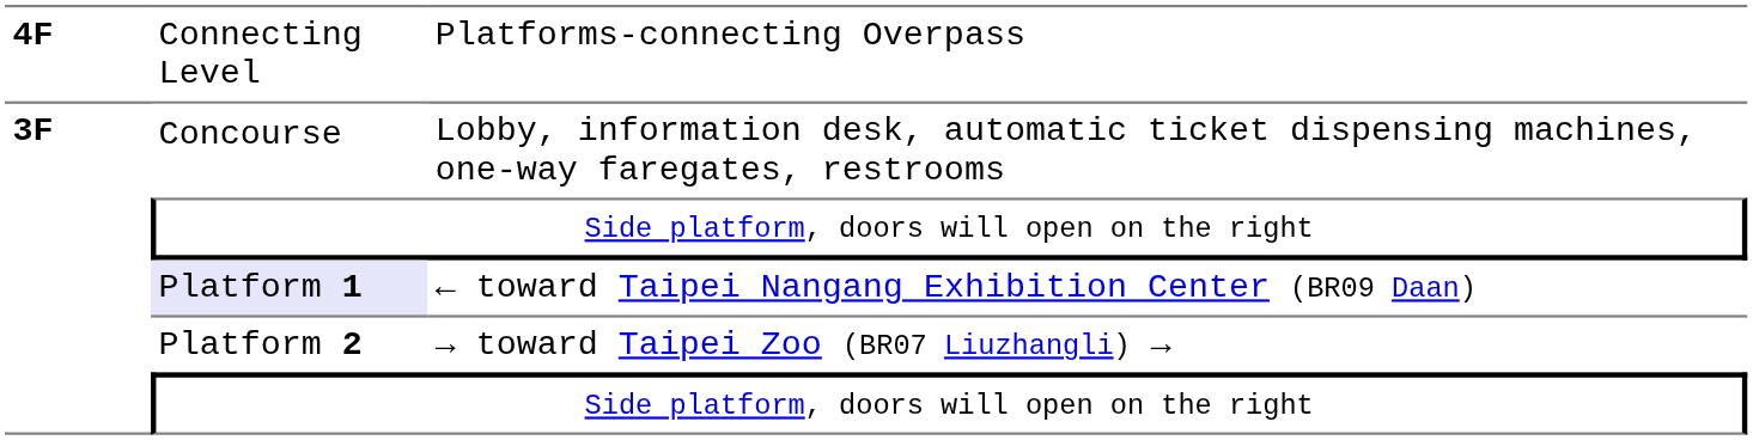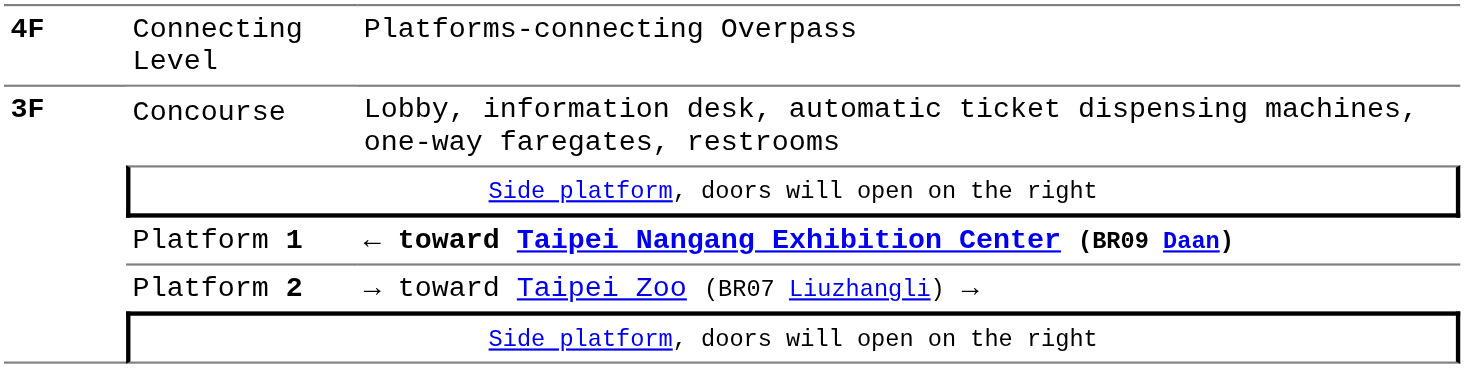 <table table border=0 cellspacing=0 cellpadding=3>
 <tr>
 <td style="border-bottom:solid 1px gray;border-top:solid 1px gray;" width=50 valign=top><strong>4F</strong></td>
 <td style="border-top:solid 1px gray;border-bottom:solid 1px gray;" width=100 valign=top>Connecting Level</td>
 <td style="border-top:solid 1px gray;border-bottom:solid 1px gray;" width=500 valign=top>Platforms-connecting Overpass</td>
 </tr>
 <tr>
 <td style="border-bottom:solid 1px gray;" width=50 rowspan=10 valign=top><strong>3F</strong></td>
 </tr>
 <tr>
 <td style="border-top:solid 1px white;" rowspan=2 valign=top>Concourse</td>
 </tr>
 <tr>
 <td>Lobby, information desk, automatic ticket dispensing machines, one-way faregates, restrooms</td>
 </tr>
 <tr>
 <td style="border-right:solid 2px black;border-left:solid 2px black;border-bottom:solid 2px black;border-top:solid 1px gray;text-align:center;" colspan=2><small><a href='#'>Side platform</a>, doors will open on the right</small></td>
 </tr>
 <tr>
-<td style="background: lavender; border-bottom:solid 1px gray;" width=100>Platform <span><strong>1</strong></span></td>
-<td style="border-bottom:solid 1px gray;" width=500>←  toward <a href='#'>Taipei Nangang Exhibition Center</a> <small>(BR09 <a href='#'>Daan</a>)</small></td>
+<td style="border-bottom:solid 1px gray;" width=100>Platform <span><strong>1</strong></span></td>
+<td style="border-bottom:solid 1px gray;" width=500><strong>←  toward <a href='#'>Taipei Nangang Exhibition Center</a> <small>(BR09 <a href='#'>Daan</a>)</small></strong></td>
 </tr>
 <tr>
 <td>Platform <span><strong>2</strong></span></td>
 <td><span>→</span>  toward <a href='#'>Taipei Zoo</a> <small>(BR07 <a href='#'>Liuzhangli</a>)</small> →</td>
 </tr>
 <tr>
 <td style="border-top:solid 2px black;border-right:solid 2px black;border-left:solid 2px black;border-bottom:solid 1px gray;text-align:center;" colspan=2><small><a href='#'>Side platform</a>, doors will open on the right</small></td>
 </tr>
 </table>
